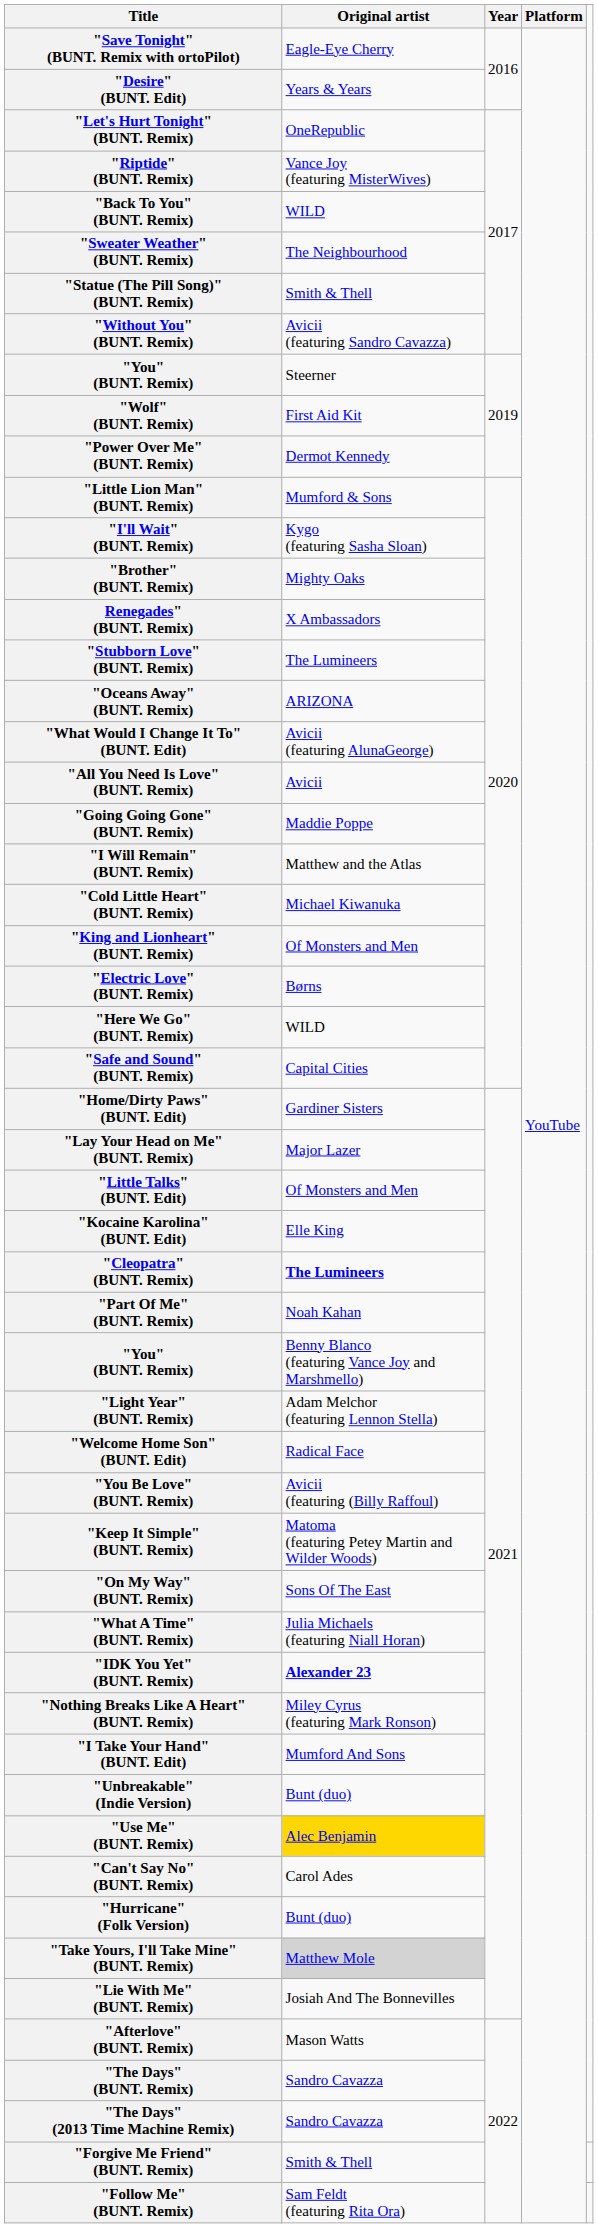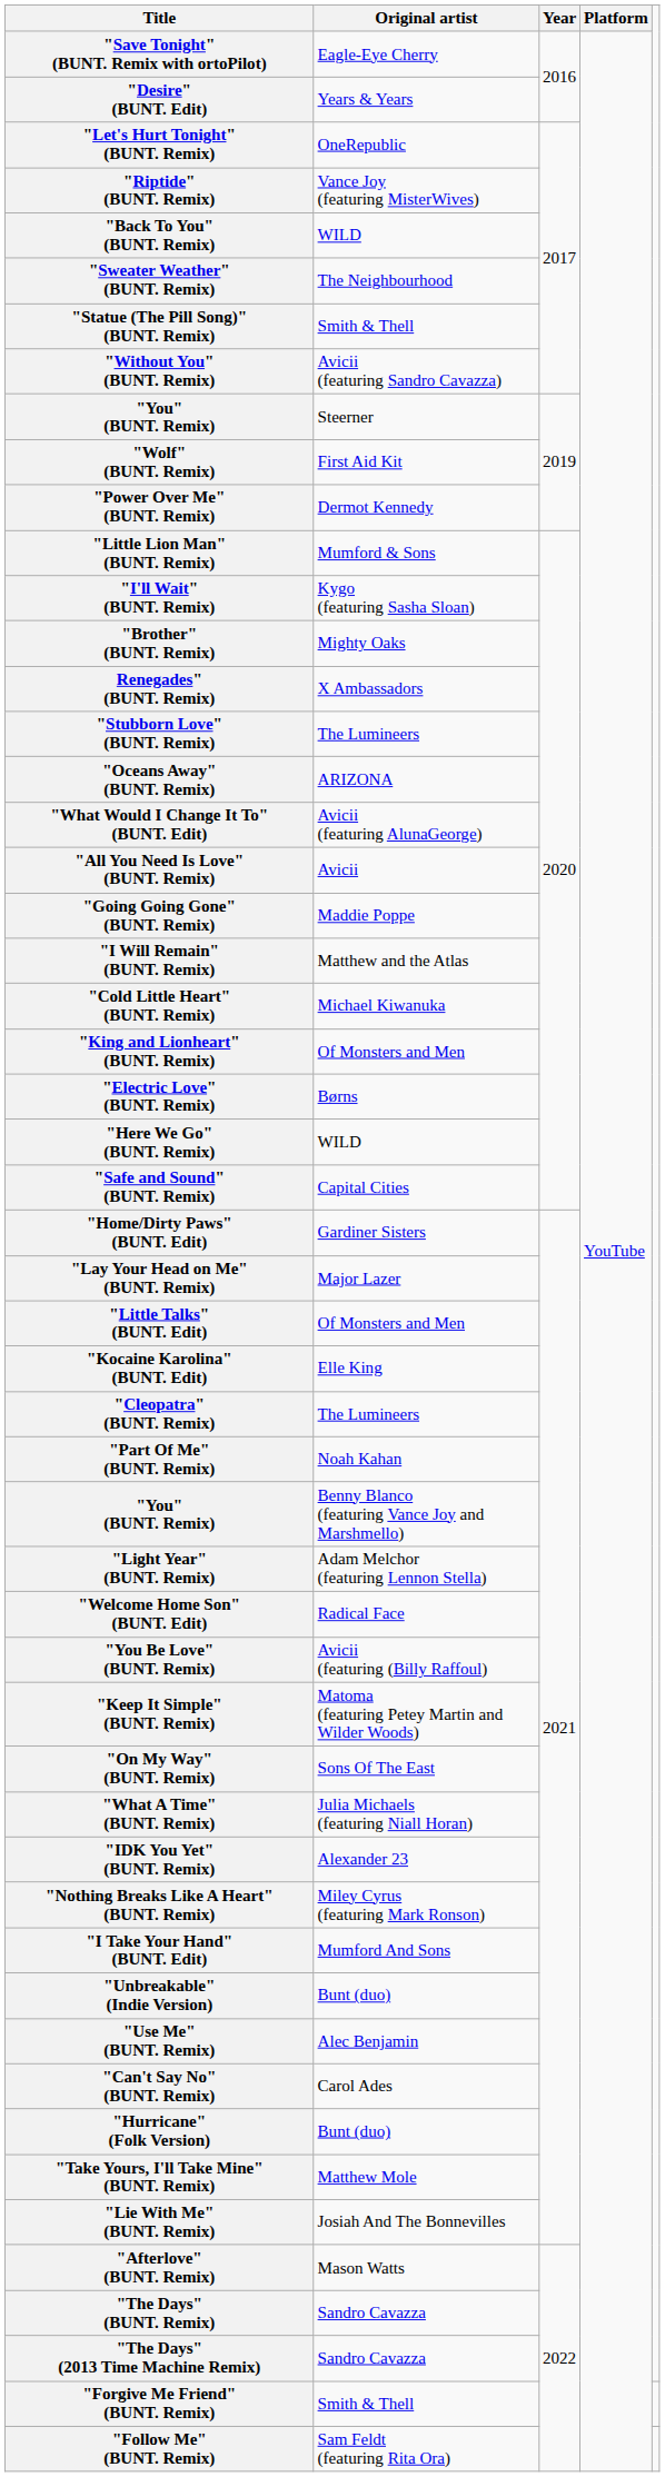 <table class="wikitable plainrowheaders">
 <tr>
 <th scope="col" style="width:18em;">Title</th>
 <th scope="col" style="width:13em;">Original artist</th>
 <th scope="col" style="width:1em;">Year</th>
 <th scope="col">Platform</th>
 </tr>
 <tr>
 <th scope="row">"<a href='#'>Save Tonight</a>" <br><span>(BUNT. Remix with ortoPilot)</span></th>
 <td><a href='#'>Eagle-Eye Cherry</a></td>
 <td rowspan="2">2016</td>
 <td rowspan="53"><a href='#'>YouTube</a></td>
 </tr>
 <tr>
 <th scope="row">"<a href='#'>Desire</a>" <br><span>(BUNT. Edit)</span></th>
 <td><a href='#'>Years & Years</a></td>
 </tr>
 <tr>
 <th scope="row">"<a href='#'>Let's Hurt Tonight</a>" <br><span>(BUNT. Remix)</span></th>
 <td><a href='#'>OneRepublic</a></td>
 <td rowspan="6">2017</td>
 </tr>
 <tr>
 <th scope="row">"<a href='#'>Riptide</a>" <br><span>(BUNT. Remix)</span></th>
 <td><a href='#'>Vance Joy</a> <br><span>(featuring <a href='#'>MisterWives</a>)</span></td>
 </tr>
 <tr>
 <th scope="row">"Back To You" <br><span>(BUNT. Remix)</span></th>
 <td><a href='#'>WILD</a></td>
 </tr>
 <tr>
 <th scope="row">"<a href='#'>Sweater Weather</a>" <br><span>(BUNT. Remix)</span></th>
 <td><a href='#'>The Neighbourhood</a></td>
 </tr>
 <tr>
 <th scope="row">"Statue (The Pill Song)" <br><span>(BUNT. Remix)</span></th>
 <td><a href='#'>Smith & Thell</a></td>
 </tr>
 <tr>
 <th scope="row">"<a href='#'>Without You</a>" <br><span>(BUNT. Remix)</span></th>
 <td><a href='#'>Avicii</a> <br><span>(featuring <a href='#'>Sandro Cavazza</a>)</span></td>
 </tr>
 <tr>
 <th scope="row">"You" <br><span>(BUNT. Remix)</span></th>
 <td>Steerner</td>
 <td rowspan="3">2019</td>
 </tr>
 <tr>
 <th scope="row">"Wolf" <br><span>(BUNT. Remix)</span></th>
 <td><a href='#'>First Aid Kit</a></td>
 </tr>
 <tr>
 <th scope="row">"Power Over Me" <br><span>(BUNT. Remix)</span></th>
 <td><a href='#'>Dermot Kennedy</a></td>
 </tr>
 <tr>
 <th scope="row">"Little Lion Man" <br><span>(BUNT. Remix)</span></th>
 <td><a href='#'>Mumford & Sons</a></td>
 <td rowspan="15">2020</td>
 </tr>
 <tr>
 <th scope="row">"<a href='#'>I'll Wait</a>" <br><span>(BUNT. Remix)</span></th>
 <td><a href='#'>Kygo</a> <br><span>(featuring <a href='#'>Sasha Sloan</a>)</span></td>
 </tr>
 <tr>
 <th scope="row">"Brother" <br><span>(BUNT. Remix)</span></th>
 <td><a href='#'>Mighty Oaks</a></td>
 </tr>
 <tr>
 <th scope="row"><a href='#'>Renegades</a>" <br><span>(BUNT. Remix)</span></th>
 <td><a href='#'>X Ambassadors</a></td>
 </tr>
 <tr>
 <th scope="row">"<a href='#'>Stubborn Love</a>" <br><span>(BUNT. Remix)</span></th>
 <td><a href='#'>The Lumineers</a></td>
 </tr>
 <tr>
 <th scope="row">"Oceans Away" <br><span>(BUNT. Remix)</span></th>
 <td><a href='#'>ARIZONA</a></td>
 </tr>
 <tr>
 <th scope="row">"What Would I Change It To" <br><span>(BUNT. Edit)</span></th>
 <td><a href='#'>Avicii</a> <br><span>(featuring <a href='#'>AlunaGeorge</a>)</span></td>
 </tr>
 <tr>
 <th scope="row">"All You Need Is Love" <br><span>(BUNT. Remix)</span></th>
 <td><a href='#'>Avicii</a></td>
 </tr>
 <tr>
 <th scope="row">"Going Going Gone" <br><span>(BUNT. Remix)</span></th>
 <td><a href='#'>Maddie Poppe</a></td>
 </tr>
 <tr>
 <th scope="row">"I Will Remain" <br><span>(BUNT. Remix)</span></th>
 <td>Matthew and the Atlas</td>
 </tr>
 <tr>
 <th scope="row">"Cold Little Heart" <br><span>(BUNT. Remix)</span></th>
 <td><a href='#'>Michael Kiwanuka</a></td>
 </tr>
 <tr>
 <th scope="row">"<a href='#'>King and Lionheart</a>" <br><span>(BUNT. Remix)</span></th>
 <td><a href='#'>Of Monsters and Men</a></td>
 </tr>
 <tr>
 <th scope="row">"<a href='#'>Electric Love</a>" <br><span>(BUNT. Remix)</span></th>
 <td><a href='#'>Børns</a></td>
 </tr>
 <tr>
 <th scope="row">"Here We Go" <br><span>(BUNT. Remix)</span></th>
 <td>WILD</td>
 </tr>
 <tr>
 <th scope="row">"<a href='#'>Safe and Sound</a>" <br><span>(BUNT. Remix)</span></th>
 <td><a href='#'>Capital Cities</a></td>
 </tr>
 <tr>
 <th scope="row">"Home/Dirty Paws" <br><span>(BUNT. Edit)</span></th>
 <td><a href='#'>Gardiner Sisters</a></td>
 <td rowspan="22">2021</td>
 </tr>
 <tr>
 <th scope="row">"Lay Your Head on Me" <br><span>(BUNT. Remix)</span></th>
 <td><a href='#'>Major Lazer</a></td>
 </tr>
 <tr>
 <th scope="row">"<a href='#'>Little Talks</a>" <br><span>(BUNT. Edit)</span></th>
 <td><a href='#'>Of Monsters and Men</a></td>
 </tr>
 <tr>
 <th scope="row">"Kocaine Karolina" <br><span>(BUNT. Edit)</span></th>
 <td><a href='#'>Elle King</a></td>
 </tr>
 <tr>
 <th scope="row">"<a href='#'>Cleopatra</a>" <br><span>(BUNT. Remix)</span></th>
-<td><strong><a href='#'>The Lumineers</a></strong></td>
+<td><a href='#'>The Lumineers</a></td>
 </tr>
 <tr>
 <th scope="row">"Part Of Me" <br><span>(BUNT. Remix)</span></th>
 <td><a href='#'>Noah Kahan</a></td>
 </tr>
 <tr>
 <th scope="row">"You" <br><span>(BUNT. Remix)</span></th>
 <td><a href='#'>Benny Blanco</a> <br><span>(featuring <a href='#'>Vance Joy</a> and <a href='#'>Marshmello</a>)</span></td>
 </tr>
 <tr>
 <th scope="row">"Light Year" <br><span>(BUNT. Remix)</span></th>
 <td>Adam Melchor <br><span>(featuring <a href='#'>Lennon Stella</a>)</span></td>
 </tr>
 <tr>
 <th scope="row">"Welcome Home Son" <br><span>(BUNT. Edit)</span></th>
 <td><a href='#'>Radical Face</a></td>
 </tr>
 <tr>
 <th scope="row">"You Be Love" <br><span>(BUNT. Remix)</span></th>
 <td><a href='#'>Avicii</a> <br><span>(featuring (<a href='#'>Billy Raffoul</a>)</span></td>
 </tr>
 <tr>
 <th scope="row">"Keep It Simple" <br><span>(BUNT. Remix)</span></th>
 <td><a href='#'>Matoma</a> <br><span>(featuring Petey Martin and <a href='#'>Wilder Woods</a>)</span></td>
 </tr>
 <tr>
 <th scope="row">"On My Way" <br><span>(BUNT. Remix)</span></th>
 <td><a href='#'>Sons Of The East</a></td>
 </tr>
 <tr>
 <th scope="row">"What A Time" <br><span>(BUNT. Remix)</span></th>
 <td><a href='#'>Julia Michaels</a> <br><span>(featuring <a href='#'>Niall Horan</a>)</span></td>
 </tr>
 <tr>
 <th scope="row">"IDK You Yet" <br><span>(BUNT. Remix)</span></th>
-<td><strong><a href='#'>Alexander 23</a></strong></td>
+<td><a href='#'>Alexander 23</a></td>
 </tr>
 <tr>
 <th scope="row">"Nothing Breaks Like A Heart" <br><span>(BUNT. Remix)</span></th>
 <td><a href='#'>Miley Cyrus</a> <br><span>(featuring <a href='#'>Mark Ronson</a>)</span></td>
 </tr>
 <tr>
 <th scope="row">"I Take Your Hand" <br><span>(BUNT. Edit)</span></th>
 <td><a href='#'>Mumford And Sons</a></td>
 </tr>
 <tr>
 <th scope="row">"Unbreakable" <br><span>(Indie Version)</span></th>
 <td><a href='#'>Bunt (duo)</a></td>
 </tr>
 <tr>
 <th scope="row">"Use Me" <br><span>(BUNT. Remix)</span></th>
-<td style="background: gold;"><a href='#'>Alec Benjamin</a></td>
+<td><a href='#'>Alec Benjamin</a></td>
 </tr>
 <tr>
 <th scope="row">"Can't Say No" <br><span>(BUNT. Remix)</span></th>
 <td>Carol Ades</td>
 </tr>
 <tr>
 <th scope="row">"Hurricane" <br><span>(Folk Version)</span></th>
 <td><a href='#'>Bunt (duo)</a></td>
 </tr>
 <tr>
 <th scope="row">"Take Yours, I'll Take Mine" <br><span>(BUNT. Remix)</span></th>
-<td style="background: lightgrey;"><a href='#'>Matthew Mole</a></td>
+<td><a href='#'>Matthew Mole</a></td>
 </tr>
 <tr>
 <th scope="row">"Lie With Me" <br><span>(BUNT. Remix)</span></th>
 <td>Josiah And The Bonnevilles</td>
 </tr>
 <tr>
 <th scope="row">"Afterlove" <br><span>(BUNT. Remix)</span></th>
 <td>Mason Watts</td>
 <td rowspan="5">2022</td>
 </tr>
 <tr>
 <th scope="row">"The Days" <br><span>(BUNT. Remix)</span></th>
 <td><a href='#'>Sandro Cavazza</a></td>
 </tr>
 <tr>
 <th scope="row">"The Days" <br><span>(2013 Time Machine Remix)</span></th>
 <td><a href='#'>Sandro Cavazza</a></td>
 </tr>
 <tr>
 <th scope="row">"Forgive Me Friend" <br><span>(BUNT. Remix)</span></th>
 <td><a href='#'>Smith & Thell</a></td>
 <td></td>
 </tr>
 <tr>
 <th scope="row">"Follow Me" <br><span>(BUNT. Remix)</span></th>
 <td><a href='#'>Sam Feldt</a> <br><span>(featuring <a href='#'>Rita Ora</a>)</span></td>
 </tr>
 </table>
